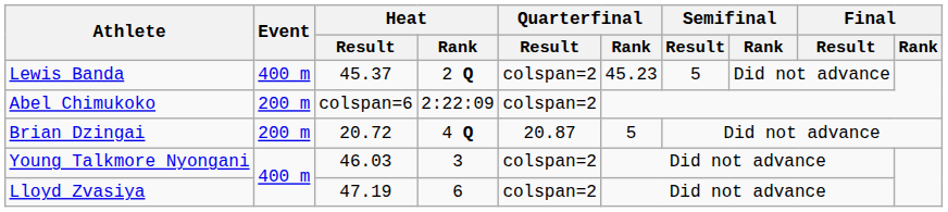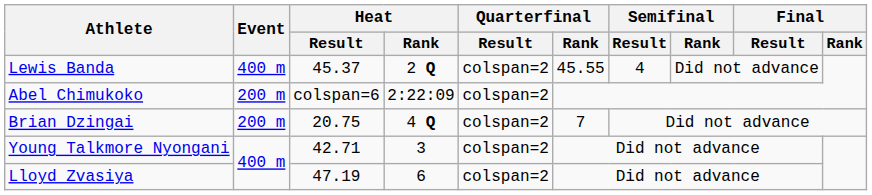 <table class=wikitable style="font-size:90%">
 <tr>
 <th rowspan="2">Athlete</th>
 <th rowspan="2">Event</th>
 <th colspan="2">Heat</th>
 <th colspan="2">Quarterfinal</th>
 <th colspan="2">Semifinal</th>
 <th colspan="2">Final</th>
 </tr>
 <tr style="font-size:95%">
 <th>Result</th>
 <th>Rank</th>
 <th>Result</th>
 <th>Rank</th>
 <th>Result</th>
 <th>Rank</th>
 <th>Result</th>
 <th>Rank</th>
 </tr>
 <tr align=center>
 <td align=left><a href='#'>Lewis Banda</a></td>
 <td align=left><a href='#'>400 m</a></td>
 <td>45.37</td>
 <td>2 <strong>Q</strong></td>
 <td>colspan=2 </td>
-<td>45.23</td>
-<td>5</td>
+<td>45.55</td>
+<td>4</td>
 <td colspan=2>Did not advance</td>
 </tr>
 <tr align=center>
 <td align=left><a href='#'>Abel Chimukoko</a></td>
 <td align=left><a href='#'>200 m</a></td>
 <td>colspan=6 </td>
 <td>2:22:09</td>
 <td>colspan=2 </td>
 </tr>
 <tr align=center>
 <td align=left><a href='#'>Brian Dzingai</a></td>
 <td align=left><a href='#'>200 m</a></td>
-<td>20.72</td>
+<td>20.75</td>
 <td>4 <strong>Q</strong></td>
-<td>20.87</td>
-<td>5</td>
+<td>colspan=2 </td>
+<td>7</td>
 <td colspan=4>Did not advance</td>
 </tr>
 <tr align=center>
 <td align=left><a href='#'>Young Talkmore Nyongani</a></td>
 <td align=left rowspan=2><a href='#'>400 m</a></td>
-<td>46.03</td>
+<td>42.71</td>
 <td>3</td>
 <td>colspan=2 </td>
 <td colspan=4>Did not advance</td>
 </tr>
 <tr align=center>
 <td align=left><a href='#'>Lloyd Zvasiya</a></td>
 <td>47.19</td>
 <td>6</td>
 <td>colspan=2 </td>
 <td colspan=4>Did not advance</td>
 </tr>
 </table>
